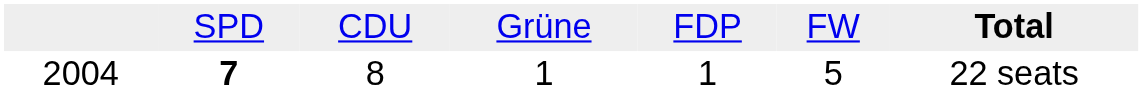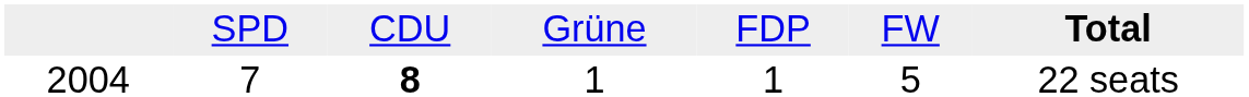 <table border="0" cellpadding="2" cellspacing="0" width="60%">
 <tr bgcolor="#eeeeee" align="center">
 <td></td>
 <td><a href='#'>SPD</a></td>
 <td><a href='#'>CDU</a></td>
 <td><a href='#'>Grüne</a></td>
 <td><a href='#'>FDP</a></td>
 <td><a href='#'>FW</a></td>
 <td><strong>Total</strong></td>
 </tr>
 <tr align="center">
 <td>2004</td>
-<td><strong>7</strong></td>
-<td>8</td>
+<td>7</td>
+<td><strong>8</strong></td>
 <td>1</td>
 <td>1</td>
 <td>5</td>
 <td>22 seats</td>
 </tr>
 </table>
